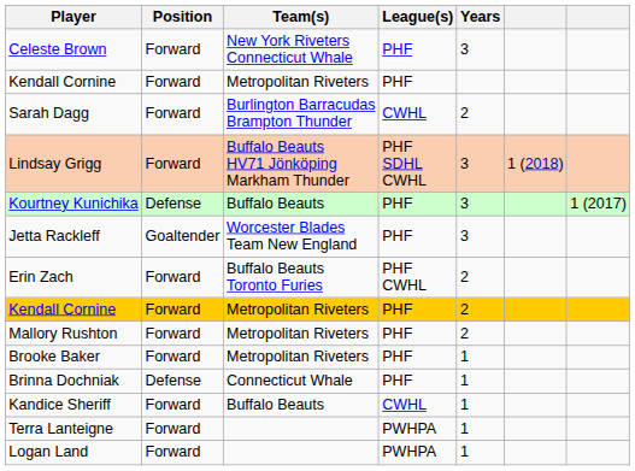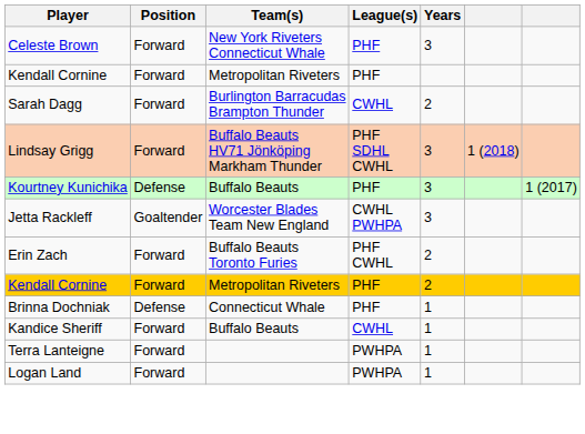 <table class="wikitable sortable">
 <tr>
 <th>Player</th>
 <th>Position</th>
 <th>Team(s)</th>
 <th>League(s)</th>
 <th>Years</th>
 <th><a href='#'></a></th>
 <th><a href='#'></a></th>
 </tr>
 <tr bgcolor=>
 <td><a href='#'>Celeste Brown</a></td>
 <td>Forward</td>
 <td><a href='#'>New York Riveters</a><br><a href='#'>Connecticut Whale</a></td>
 <td><a href='#'>PHF</a></td>
 <td>3</td>
 <td></td>
 <td></td>
 </tr>
 <tr bgcolor=>
 <td>Kendall Cornine</td>
 <td>Forward</td>
 <td>Metropolitan Riveters</td>
 <td>PHF</td>
 <td></td>
 <td></td>
 </tr>
 <tr bgcolor=>
 <td>Sarah Dagg</td>
 <td>Forward</td>
 <td><a href='#'>Burlington Barracudas</a> <br> <a href='#'>Brampton Thunder</a></td>
 <td><a href='#'>CWHL</a></td>
 <td>2</td>
 <td></td>
 <td></td>
 </tr>
 <tr bgcolor=FBCEB1>
 <td>Lindsay Grigg</td>
 <td>Forward</td>
 <td><a href='#'>Buffalo Beauts</a><br><a href='#'>HV71 Jönköping</a><br>Markham Thunder</td>
 <td>PHF<br><a href='#'>SDHL</a><br>CWHL</td>
 <td>3</td>
 <td>1 (<a href='#'>2018</a>)</td>
 <td></td>
 </tr>
 <tr bgcolor=CCFFCC>
 <td><a href='#'>Kourtney Kunichika</a></td>
 <td>Defense</td>
 <td>Buffalo Beauts</td>
 <td>PHF</td>
 <td>3</td>
 <td></td>
 <td>1 (2017)</td>
 </tr>
 <tr bgcolor=>
 <td>Jetta Rackleff</td>
 <td>Goaltender</td>
 <td><a href='#'>Worcester Blades</a><br>Team New England</td>
-<td>PHF</td>
+<td>CWHL<br><a href='#'>PWHPA</a></td>
 <td>3</td>
 <td></td>
 <td></td>
 </tr>
 <tr bgcolor=>
 <td>Erin Zach</td>
 <td>Forward</td>
 <td>Buffalo Beauts <br> <a href='#'>Toronto Furies</a></td>
 <td>PHF <br> CWHL</td>
 <td>2</td>
 <td></td>
 <td></td>
 </tr>
 <tr bgcolor=FFCC00>
 <td><a href='#'>Kendall Cornine</a></td>
 <td>Forward</td>
 <td>Metropolitan Riveters</td>
 <td>PHF</td>
 <td>2</td>
-<td></td>
-<td></td>
-</tr>
-<tr bgcolor=>
-<td>Mallory Rushton</td>
-<td>Forward</td>
-<td>Metropolitan Riveters</td>
-<td>PHF</td>
-<td>2</td>
-<td></td>
-<td></td>
-</tr>
-<tr bgcolor=>
-<td>Brooke Baker</td>
-<td>Forward</td>
-<td>Metropolitan Riveters</td>
-<td>PHF</td>
-<td>1</td>
 <td></td>
 <td></td>
 </tr>
 <tr bgcolor=>
 <td>Brinna Dochniak</td>
 <td>Defense</td>
 <td>Connecticut Whale</td>
 <td>PHF</td>
 <td>1</td>
 <td></td>
 <td></td>
 </tr>
 <tr bgcolor=>
 <td>Kandice Sheriff</td>
 <td>Forward</td>
 <td>Buffalo Beauts</td>
 <td><a href='#'>CWHL</a></td>
 <td>1</td>
 <td></td>
 <td></td>
 </tr>
 <tr bgcolor=>
 <td>Terra Lanteigne</td>
 <td>Forward</td>
 <td></td>
 <td>PWHPA</td>
 <td>1</td>
 <td></td>
 <td></td>
 </tr>
 <tr bgcolor=>
 <td>Logan Land</td>
 <td>Forward</td>
 <td></td>
 <td>PWHPA</td>
 <td>1</td>
 <td></td>
 <td></td>
 </tr>
 </table>
